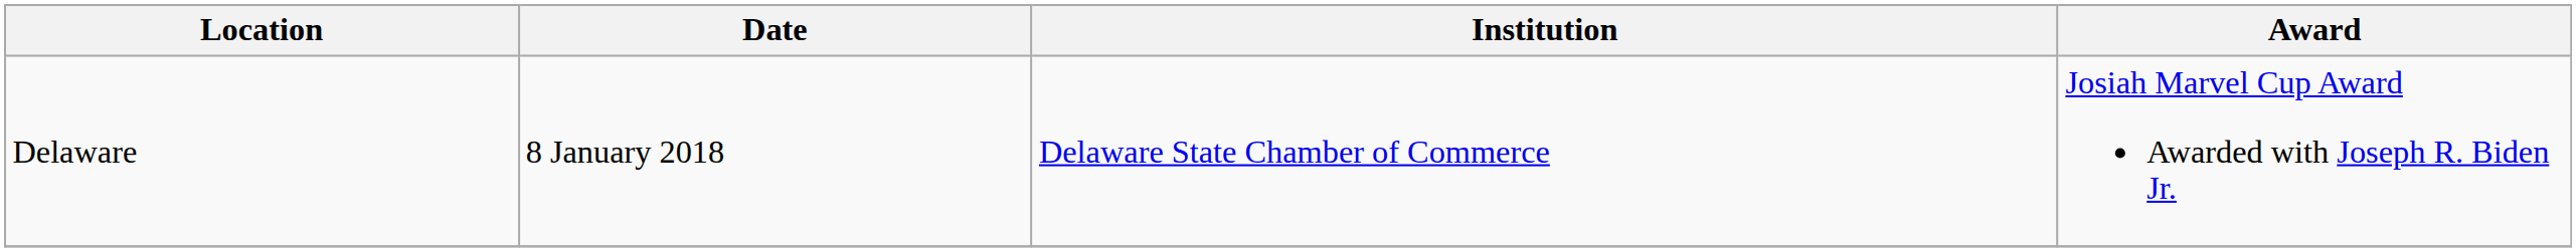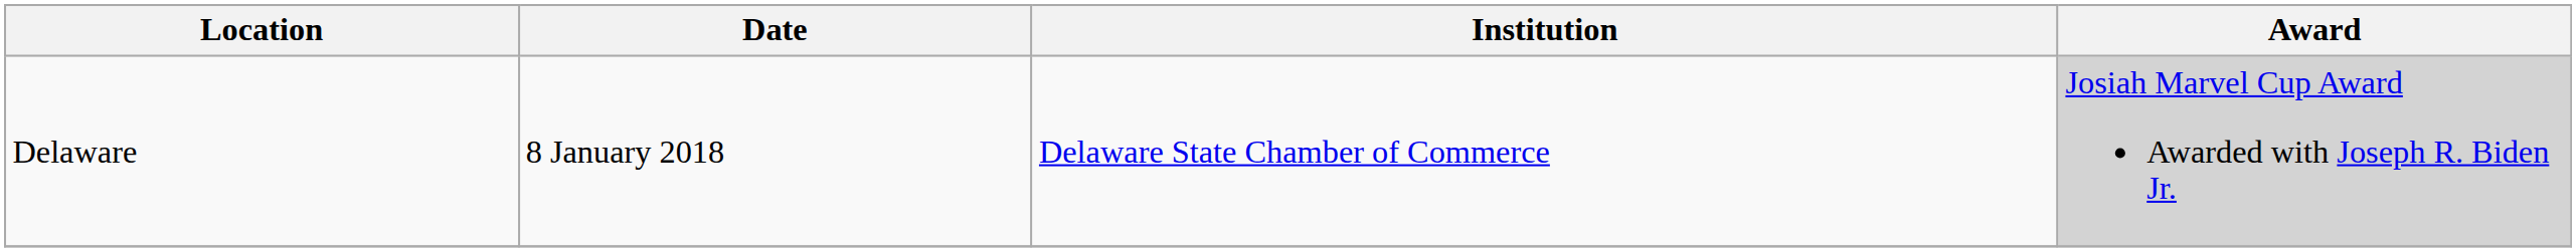 <table class="wikitable" style="width:100%;">
 <tr>
 <th style="width:20%;">Location</th>
 <th style="width:20%;">Date</th>
 <th style="width:40%;">Institution</th>
 <th style="width:20%;">Award</th>
 </tr>
 <tr>
 <td>Delaware</td>
 <td>8 January 2018</td>
 <td><a href='#'>Delaware State Chamber of Commerce</a></td>
-<td><a href='#'>Josiah Marvel Cup Award</a><br><ul><li>Awarded with <a href='#'>Joseph R. Biden Jr.</a></li></ul></td>
+<td style="background: lightgrey;"><a href='#'>Josiah Marvel Cup Award</a><br><ul><li>Awarded with <a href='#'>Joseph R. Biden Jr.</a></li></ul></td>
 </tr>
 <tr>
 </tr>
 </table>
